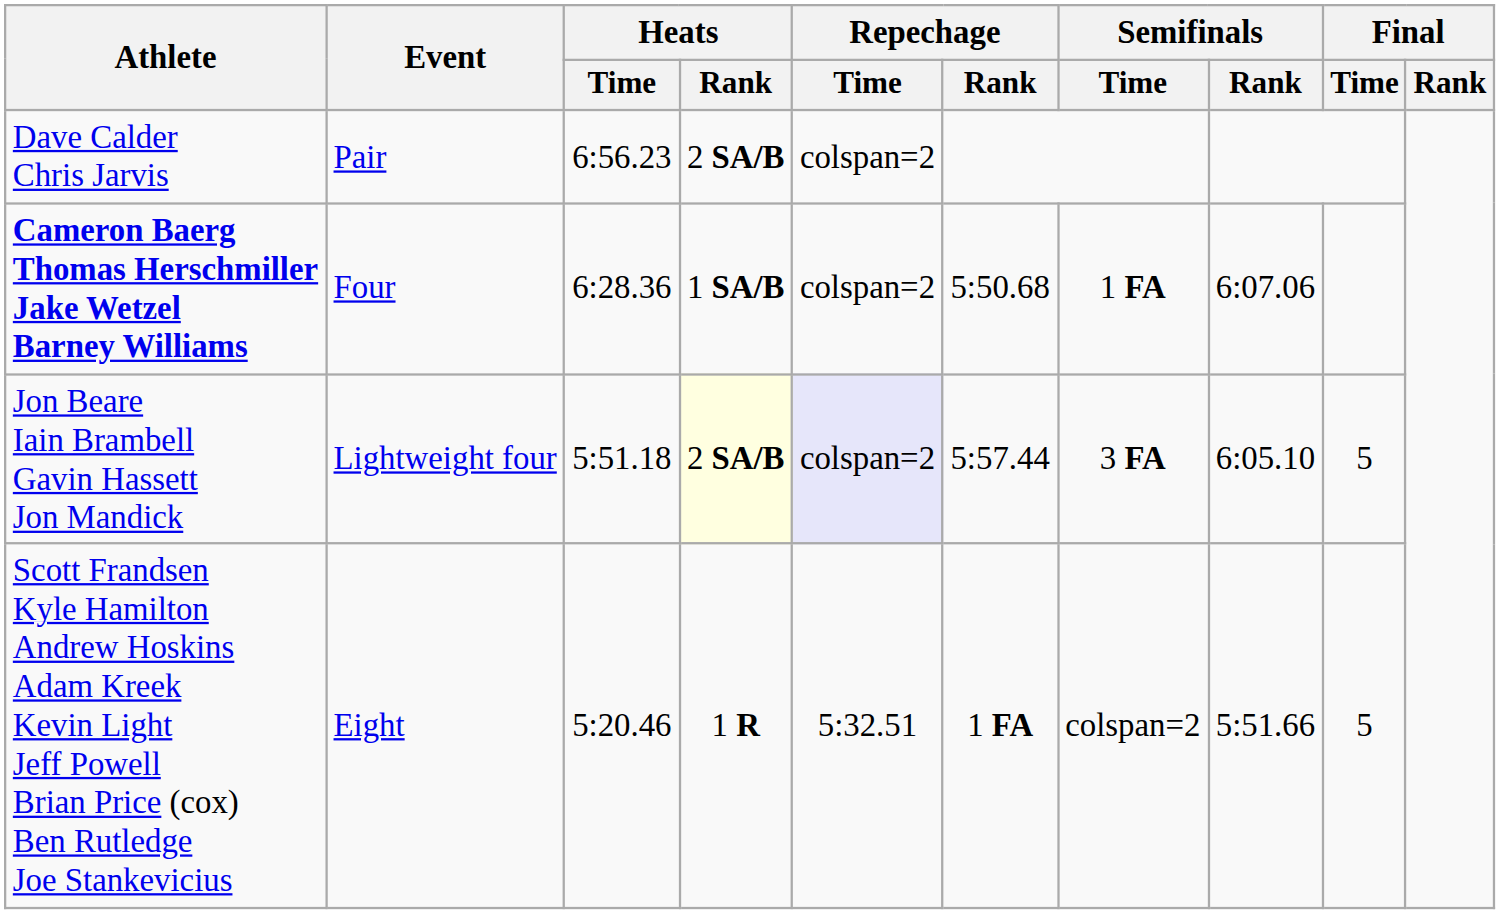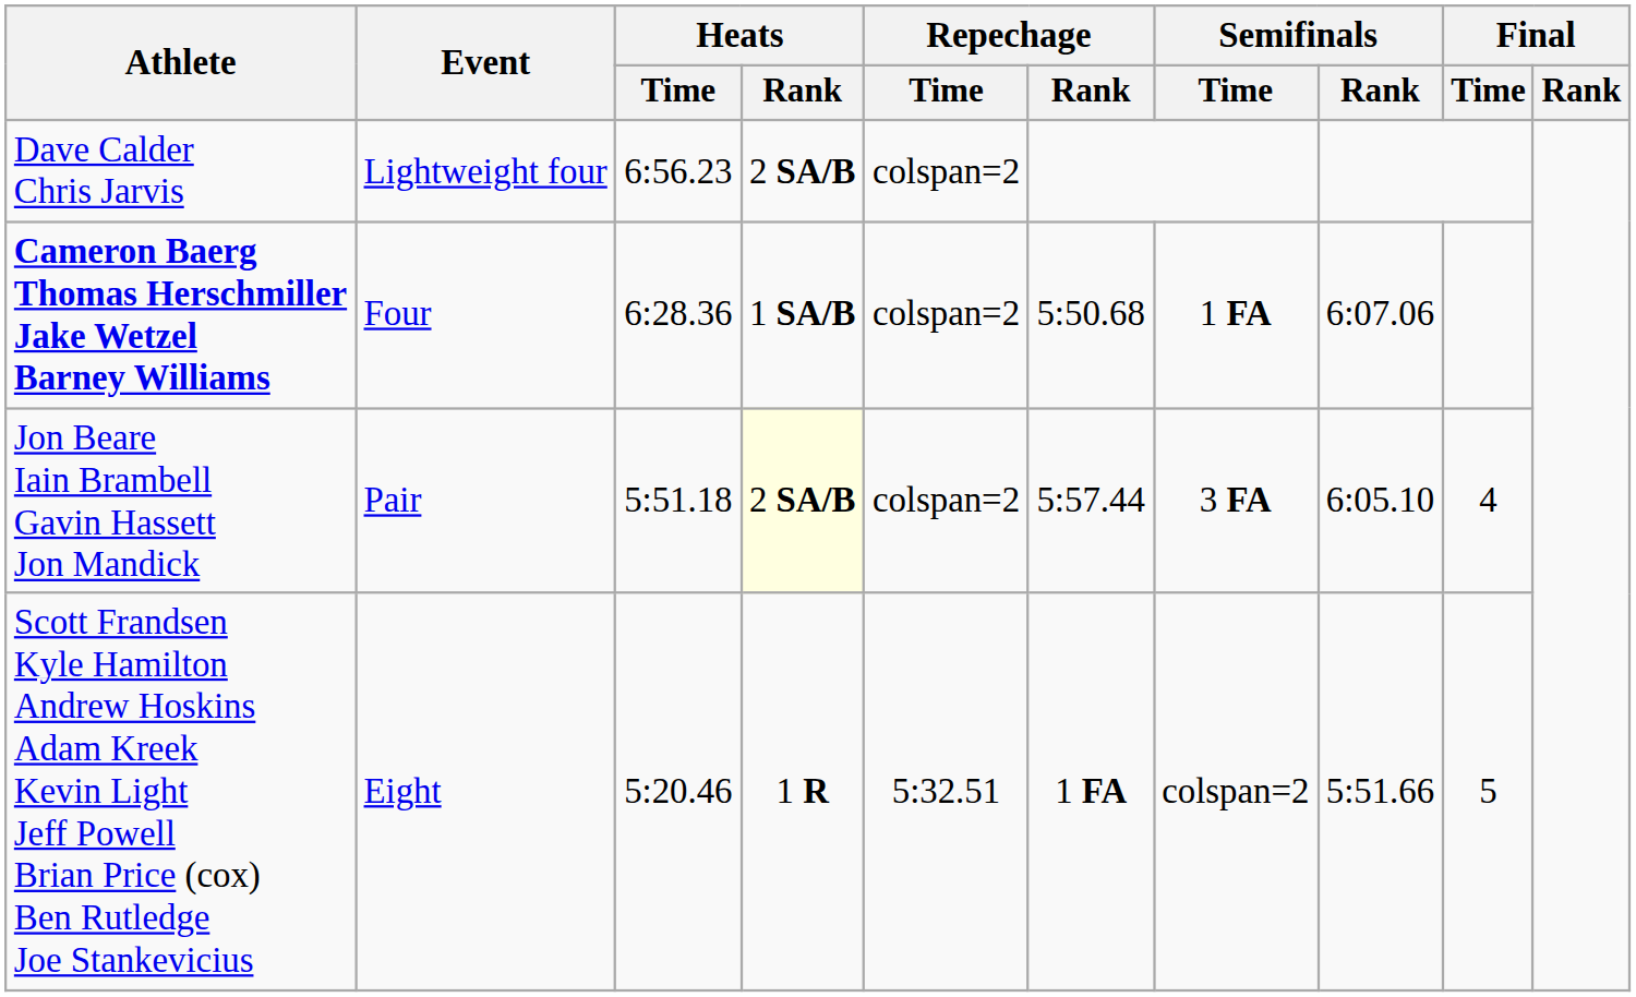 <table class="wikitable" style="font-size:90%;">
 <tr>
 <th rowspan="2">Athlete</th>
 <th rowspan="2">Event</th>
 <th colspan="2">Heats</th>
 <th colspan="2">Repechage</th>
 <th colspan="2">Semifinals</th>
 <th colspan="2">Final</th>
 </tr>
 <tr style="font-size:95%">
 <th>Time</th>
 <th>Rank</th>
 <th>Time</th>
 <th>Rank</th>
 <th>Time</th>
 <th>Rank</th>
 <th>Time</th>
 <th>Rank</th>
 </tr>
 <tr align=center>
 <td align=left><a href='#'>Dave Calder</a><br><a href='#'>Chris Jarvis</a></td>
-<td align=left><a href='#'>Pair</a></td>
+<td align=left><a href='#'>Lightweight four</a></td>
 <td>6:56.23</td>
 <td>2 <strong>SA/B</strong></td>
 <td>colspan=2 </td>
 <td colspan=2></td>
 <td colspan=2></td>
 </tr>
 <tr align=center>
 <td align=left><strong><a href='#'>Cameron Baerg</a><br><a href='#'>Thomas Herschmiller</a><br><a href='#'>Jake Wetzel</a><br><a href='#'>Barney Williams</a></strong></td>
 <td align=left><a href='#'>Four</a></td>
 <td>6:28.36</td>
 <td>1 <strong>SA/B</strong></td>
 <td>colspan=2 </td>
 <td>5:50.68</td>
 <td>1 <strong>FA</strong></td>
 <td>6:07.06</td>
 <td></td>
 </tr>
 <tr align=center>
 <td align=left><a href='#'>Jon Beare</a><br><a href='#'>Iain Brambell</a><br><a href='#'>Gavin Hassett</a><br><a href='#'>Jon Mandick</a></td>
-<td align=left><a href='#'>Lightweight four</a></td>
+<td align=left><a href='#'>Pair</a></td>
 <td>5:51.18</td>
 <td style="background: lightyellow;">2 <strong>SA/B</strong></td>
-<td style="background: lavender;">colspan=2 </td>
+<td>colspan=2 </td>
 <td>5:57.44</td>
 <td>3 <strong>FA</strong></td>
 <td>6:05.10</td>
-<td>5</td>
+<td>4</td>
 </tr>
 <tr align=center>
 <td align=left><a href='#'>Scott Frandsen</a><br><a href='#'>Kyle Hamilton</a><br><a href='#'>Andrew Hoskins</a><br><a href='#'>Adam Kreek</a><br><a href='#'>Kevin Light</a><br><a href='#'>Jeff Powell</a><br><a href='#'>Brian Price</a> (cox)<br><a href='#'>Ben Rutledge</a><br><a href='#'>Joe Stankevicius</a></td>
 <td align=left><a href='#'>Eight</a></td>
 <td>5:20.46</td>
 <td>1 <strong>R</strong></td>
 <td>5:32.51</td>
 <td>1 <strong>FA</strong></td>
 <td>colspan=2 </td>
 <td>5:51.66</td>
 <td>5</td>
 </tr>
 </table>
